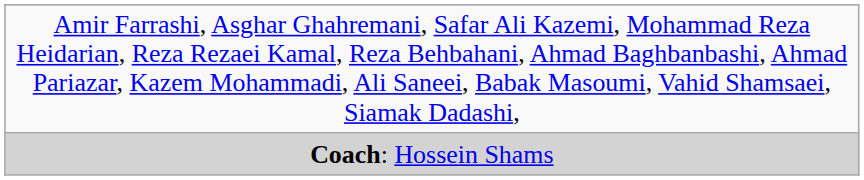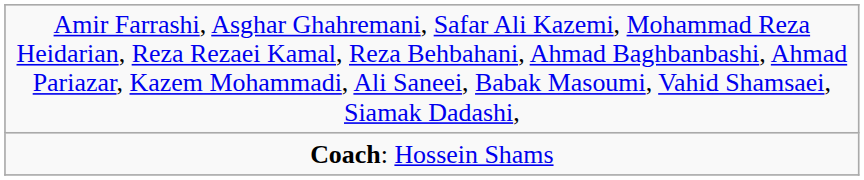 <table class="wikitable" style="text-align:center; width:33em; margin:0.5em auto;">
 <tr>
 <td><a href='#'>Amir Farrashi</a>, <a href='#'>Asghar Ghahremani</a>, <a href='#'>Safar Ali Kazemi</a>, <a href='#'>Mohammad Reza Heidarian</a>, <a href='#'>Reza Rezaei Kamal</a>, <a href='#'>Reza Behbahani</a>, <a href='#'>Ahmad Baghbanbashi</a>, <a href='#'>Ahmad Pariazar</a>, <a href='#'>Kazem Mohammadi</a>, <a href='#'>Ali Saneei</a>, <a href='#'>Babak Masoumi</a>, <a href='#'>Vahid Shamsaei</a>, <a href='#'>Siamak Dadashi</a>,</td>
 </tr>
 <tr>
-<td style="background: lightgrey;"><strong>Coach</strong>:  <a href='#'>Hossein Shams</a></td>
+<td><strong>Coach</strong>:  <a href='#'>Hossein Shams</a></td>
 </tr>
 </table>
